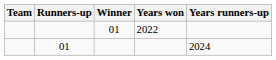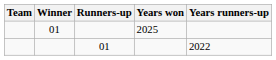 <table class="wikitable">
 <tr>
 <th>Team</th>
+<th>Winner</th>
 <th>Runners-up</th>
-<th>Winner</th>
 <th>Years won</th>
 <th>Years runners-up</th>
 </tr>
 <tr>
 <td></td>
+<td align=center>01</td>
 <td></td>
-<td align=center>01</td>
-<td>2022</td>
+<td>2025</td>
 <td></td>
 </tr>
 <tr>
 <td></td>
+<td></td>
 <td align=center>01</td>
 <td></td>
-<td></td>
-<td>2024</td>
+<td>2022</td>
 </tr>
 </table>
